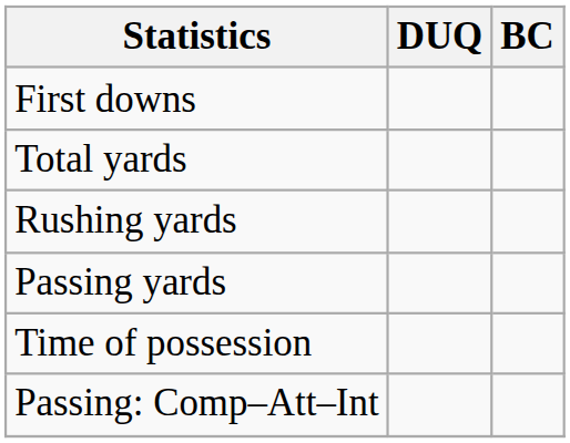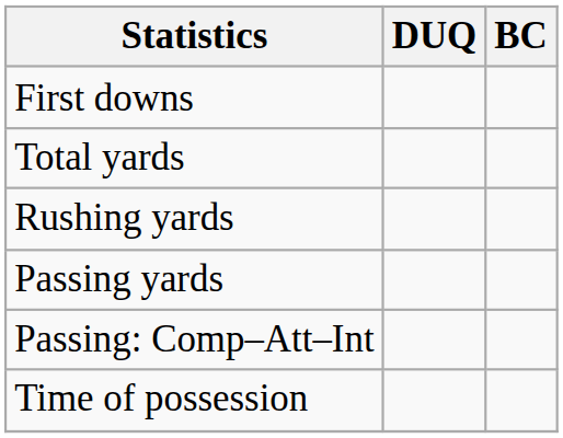 <table class="wikitable" style="float: left;">
 <tr>
 <th>Statistics</th>
 <th>DUQ</th>
 <th>BC</th>
 </tr>
 <tr>
 <td>First downs</td>
 <td></td>
 <td></td>
 </tr>
 <tr>
 <td>Total yards</td>
 <td></td>
 <td></td>
 </tr>
 <tr>
 <td>Rushing yards</td>
 <td></td>
 <td></td>
 </tr>
 <tr>
 <td>Passing yards</td>
 <td></td>
 <td></td>
 </tr>
 <tr>
-<td>Time of possession</td>
+<td>Passing: Comp–Att–Int</td>
 <td></td>
 <td></td>
 </tr>
 <tr>
-<td>Passing: Comp–Att–Int</td>
+<td>Time of possession</td>
 <td></td>
 <td></td>
 </tr>
 <tr>
 </tr>
 </table>
